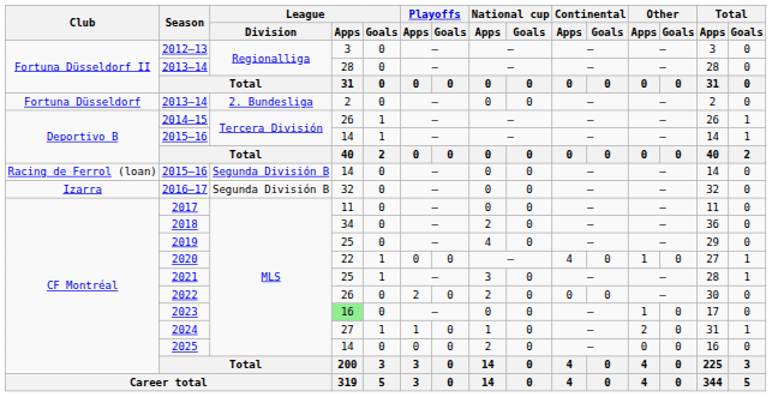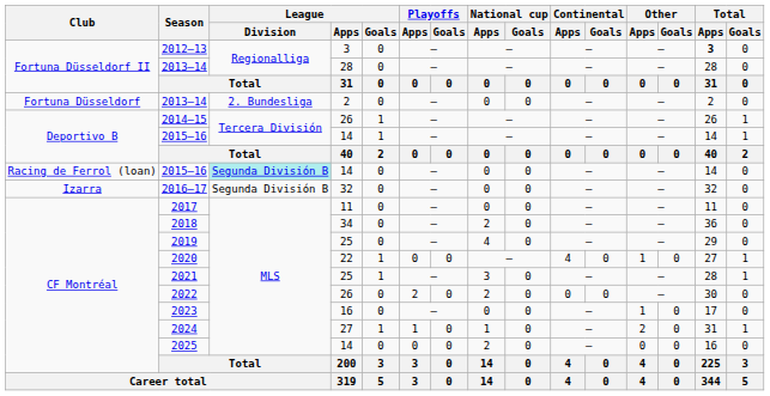 <table class="wikitable" style="text-align:center">
 <tr>
 <th rowspan="2">Club</th>
 <th rowspan="2">Season</th>
 <th colspan="3">League</th>
 <th colspan="2"><a href='#'>Playoffs</a></th>
 <th colspan="2">National cup</th>
 <th colspan="2">Continental</th>
 <th colspan="2">Other</th>
 <th colspan="2">Total</th>
 </tr>
 <tr>
 <th>Division</th>
 <th>Apps</th>
 <th>Goals</th>
 <th>Apps</th>
 <th>Goals</th>
 <th>Apps</th>
 <th>Goals</th>
 <th>Apps</th>
 <th>Goals</th>
 <th>Apps</th>
 <th>Goals</th>
 <th>Apps</th>
 <th>Goals</th>
 </tr>
 <tr>
 <td rowspan="3"><a href='#'>Fortuna Düsseldorf II</a></td>
 <td><a href='#'>2012–13</a></td>
 <td rowspan="2"><a href='#'>Regionalliga</a></td>
 <td>3</td>
 <td>0</td>
 <td colspan="2">—</td>
 <td colspan="2">—</td>
 <td colspan="2">—</td>
 <td colspan="2">—</td>
-<td>3</td>
+<td><strong>3</strong></td>
 <td>0</td>
 </tr>
 <tr>
 <td><a href='#'>2013–14</a></td>
 <td>28</td>
 <td>0</td>
 <td colspan="2">—</td>
 <td colspan="2">—</td>
 <td colspan="2">—</td>
 <td colspan="2">—</td>
 <td>28</td>
 <td>0</td>
 </tr>
 <tr>
 <th colspan="2">Total</th>
 <th>31</th>
 <th>0</th>
 <th>0</th>
 <th>0</th>
 <th>0</th>
 <th>0</th>
 <th>0</th>
 <th>0</th>
 <th>0</th>
 <th>0</th>
 <th>31</th>
 <th>0</th>
 </tr>
 <tr>
 <td><a href='#'>Fortuna Düsseldorf</a></td>
 <td><a href='#'>2013–14</a></td>
 <td><a href='#'>2. Bundesliga</a></td>
 <td>2</td>
 <td>0</td>
 <td colspan="2">—</td>
 <td>0</td>
 <td>0</td>
 <td colspan="2">—</td>
 <td colspan="2">—</td>
 <td>2</td>
 <td>0</td>
 </tr>
 <tr>
 <td rowspan="3"><a href='#'>Deportivo B</a></td>
 <td><a href='#'>2014–15</a></td>
 <td rowspan="2"><a href='#'>Tercera División</a></td>
 <td>26</td>
 <td>1</td>
 <td colspan="2">—</td>
 <td colspan="2">—</td>
 <td colspan="2">—</td>
 <td colspan="2">—</td>
 <td>26</td>
 <td>1</td>
 </tr>
 <tr>
 <td><a href='#'>2015–16</a></td>
 <td>14</td>
 <td>1</td>
 <td colspan="2">—</td>
 <td colspan="2">—</td>
 <td colspan="2">—</td>
 <td colspan="2">—</td>
 <td>14</td>
 <td>1</td>
 </tr>
 <tr>
 <th colspan="2">Total</th>
 <th>40</th>
 <th>2</th>
 <th>0</th>
 <th>0</th>
 <th>0</th>
 <th>0</th>
 <th>0</th>
 <th>0</th>
 <th>0</th>
 <th>0</th>
 <th>40</th>
 <th>2</th>
 </tr>
 <tr>
 <td><a href='#'>Racing de Ferrol</a> (loan)</td>
 <td><a href='#'>2015–16</a></td>
-<td><a href='#'>Segunda División B</a></td>
+<td style="background: paleturquoise;"><a href='#'>Segunda División B</a></td>
 <td>14</td>
 <td>0</td>
 <td colspan="2">—</td>
 <td>0</td>
 <td>0</td>
 <td colspan="2">—</td>
 <td colspan="2">—</td>
 <td>14</td>
 <td>0</td>
 </tr>
 <tr>
 <td><a href='#'>Izarra</a></td>
 <td><a href='#'>2016–17</a></td>
 <td>Segunda División B</td>
 <td>32</td>
 <td>0</td>
 <td colspan="2">—</td>
 <td>0</td>
 <td>0</td>
 <td colspan="2">—</td>
 <td colspan="2">—</td>
 <td>32</td>
 <td>0</td>
 </tr>
 <tr>
 <td rowspan="10"><a href='#'>CF Montréal</a></td>
 <td><a href='#'>2017</a></td>
 <td rowspan="9"><a href='#'>MLS</a></td>
 <td>11</td>
 <td>0</td>
 <td colspan="2">—</td>
 <td>0</td>
 <td>0</td>
 <td colspan="2">—</td>
 <td colspan="2">—</td>
 <td>11</td>
 <td>0</td>
 </tr>
 <tr>
 <td><a href='#'>2018</a></td>
 <td>34</td>
 <td>0</td>
 <td colspan="2">—</td>
 <td>2</td>
 <td>0</td>
 <td colspan="2">—</td>
 <td colspan="2">—</td>
 <td>36</td>
 <td>0</td>
 </tr>
 <tr>
 <td><a href='#'>2019</a></td>
 <td>25</td>
 <td>0</td>
 <td colspan="2">—</td>
 <td>4</td>
 <td>0</td>
 <td colspan="2">—</td>
 <td colspan="2">—</td>
 <td>29</td>
 <td>0</td>
 </tr>
 <tr>
 <td><a href='#'>2020</a></td>
 <td>22</td>
 <td>1</td>
 <td>0</td>
 <td>0</td>
 <td colspan="2">—</td>
 <td>4</td>
 <td>0</td>
 <td>1</td>
 <td>0</td>
 <td>27</td>
 <td>1</td>
 </tr>
 <tr>
 <td><a href='#'>2021</a></td>
 <td>25</td>
 <td>1</td>
 <td colspan="2">—</td>
 <td>3</td>
 <td>0</td>
 <td colspan="2">—</td>
 <td colspan="2">—</td>
 <td>28</td>
 <td>1</td>
 </tr>
 <tr>
 <td><a href='#'>2022</a></td>
 <td>26</td>
 <td>0</td>
 <td>2</td>
 <td>0</td>
 <td>2</td>
 <td>0</td>
 <td>0</td>
 <td>0</td>
 <td colspan="2">—</td>
 <td>30</td>
 <td>0</td>
 </tr>
 <tr>
 <td><a href='#'>2023</a></td>
-<td style="background: lightgreen;">16</td>
+<td>16</td>
 <td>0</td>
 <td colspan="2">—</td>
 <td>0</td>
 <td>0</td>
 <td colspan="2">—</td>
 <td>1</td>
 <td>0</td>
 <td>17</td>
 <td>0</td>
 </tr>
 <tr>
 <td><a href='#'>2024</a></td>
 <td>27</td>
 <td>1</td>
 <td>1</td>
 <td>0</td>
 <td>1</td>
 <td>0</td>
 <td colspan="2">—</td>
 <td>2</td>
 <td>0</td>
 <td>31</td>
 <td>1</td>
 </tr>
 <tr>
 <td><a href='#'>2025</a></td>
 <td>14</td>
 <td>0</td>
 <td>0</td>
 <td>0</td>
 <td>2</td>
 <td>0</td>
 <td colspan="2">—</td>
 <td>0</td>
 <td>0</td>
 <td>16</td>
 <td>0</td>
 </tr>
 <tr>
 <th colspan="2">Total</th>
 <th>200</th>
 <th>3</th>
 <th>3</th>
 <th>0</th>
 <th>14</th>
 <th>0</th>
 <th>4</th>
 <th>0</th>
 <th>4</th>
 <th>0</th>
 <th>225</th>
 <th>3</th>
 </tr>
 <tr>
 <th colspan="3">Career total</th>
 <th>319</th>
 <th>5</th>
 <th>3</th>
 <th>0</th>
 <th>14</th>
 <th>0</th>
 <th>4</th>
 <th>0</th>
 <th>4</th>
 <th>0</th>
 <th>344</th>
 <th>5</th>
 </tr>
 </table>
